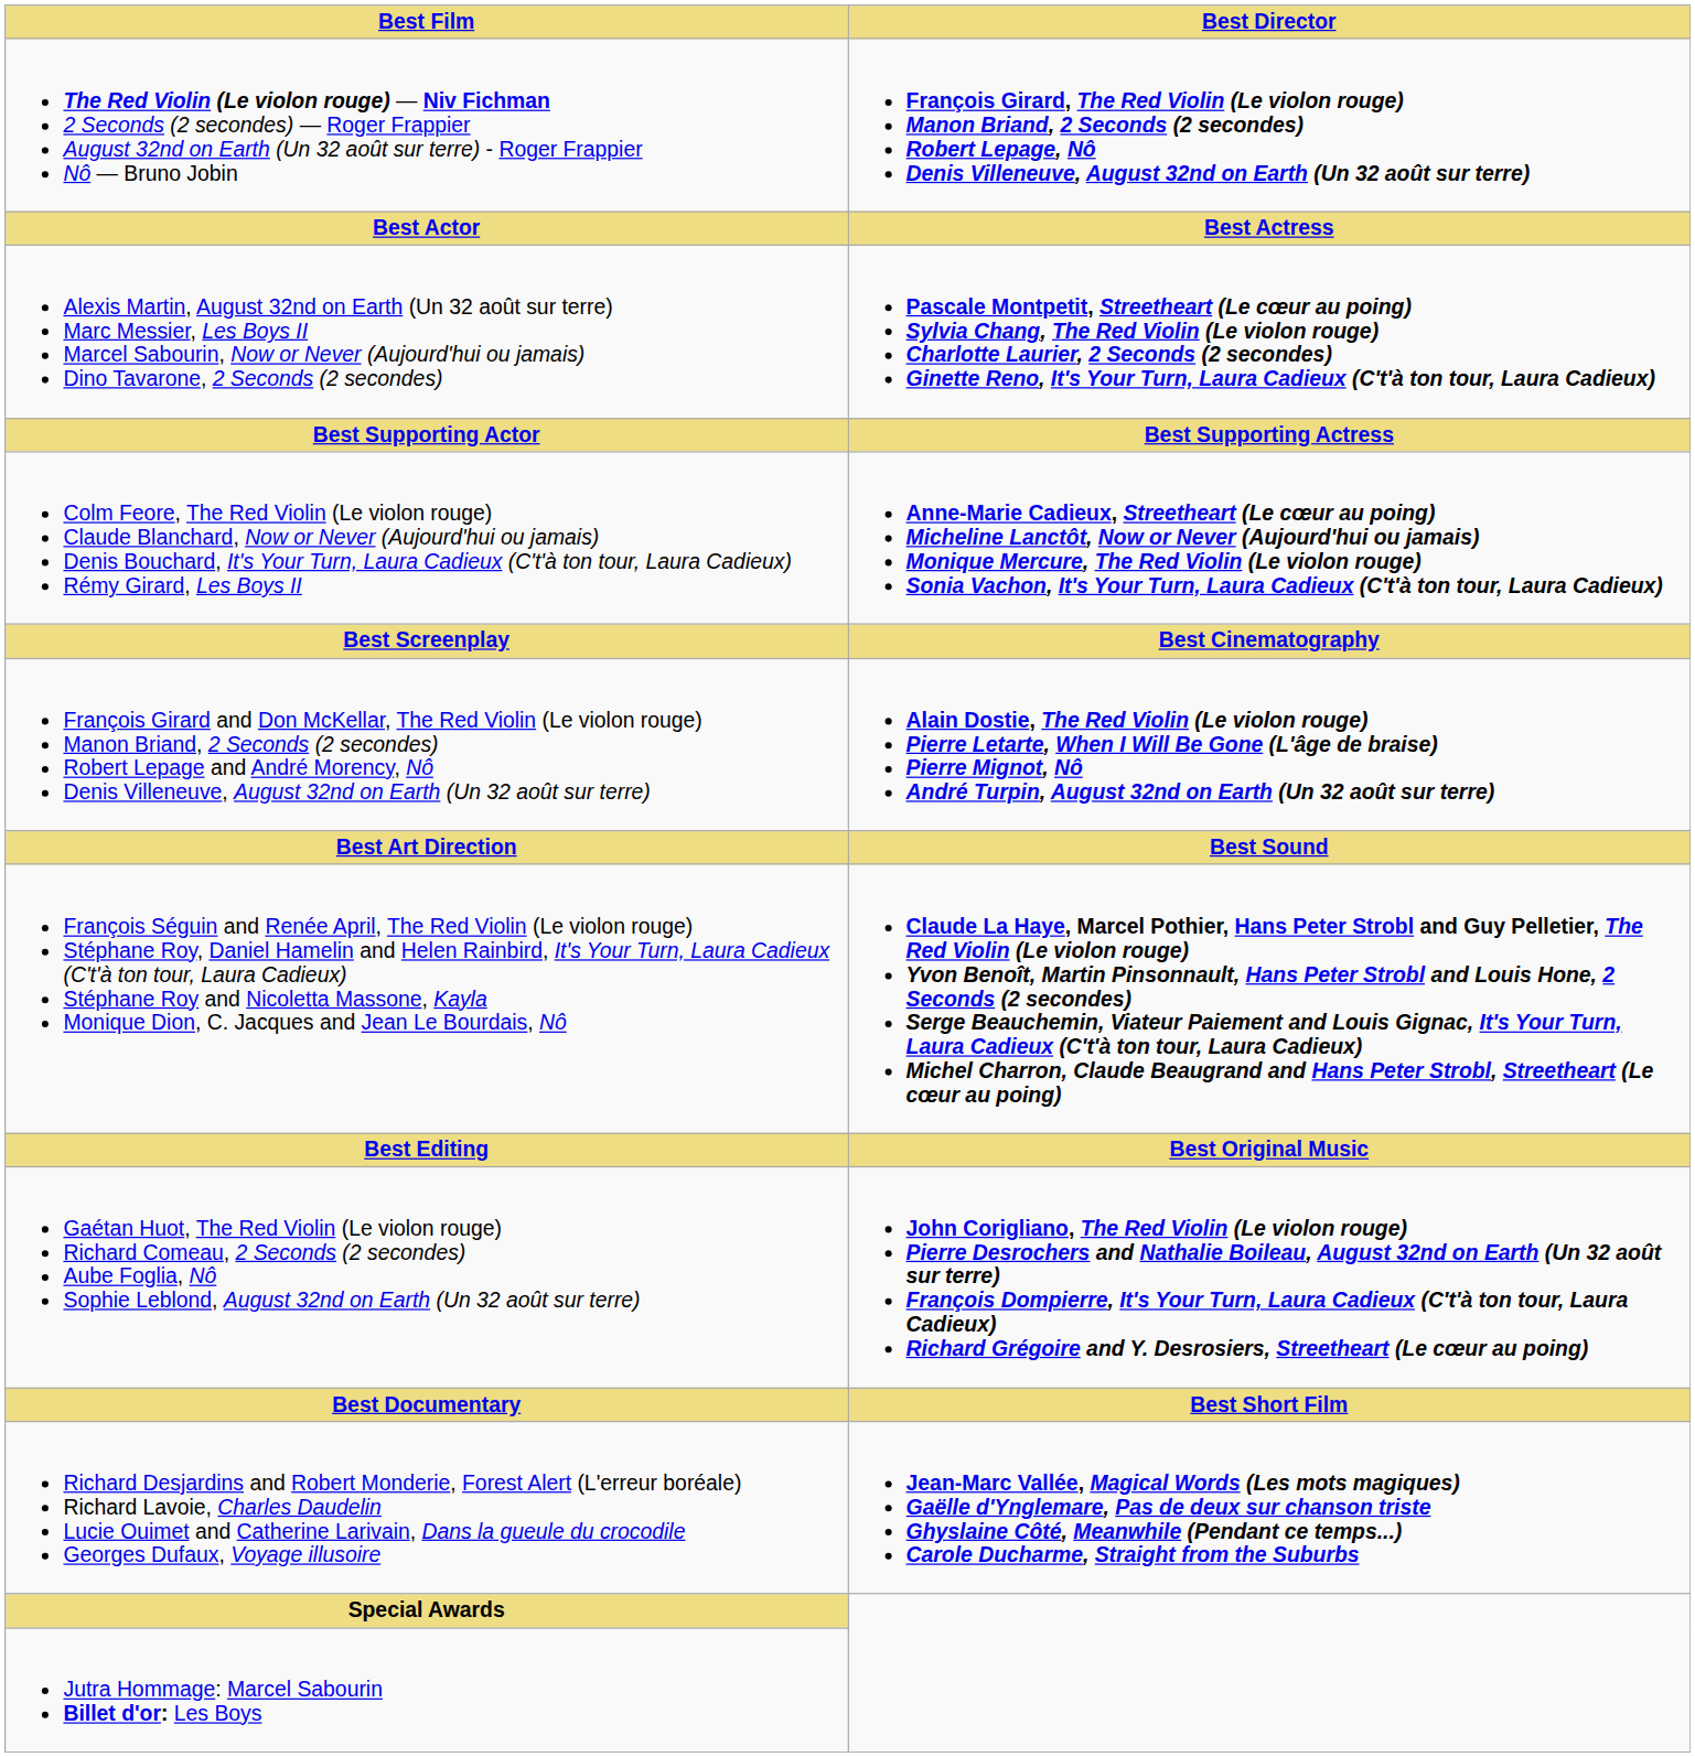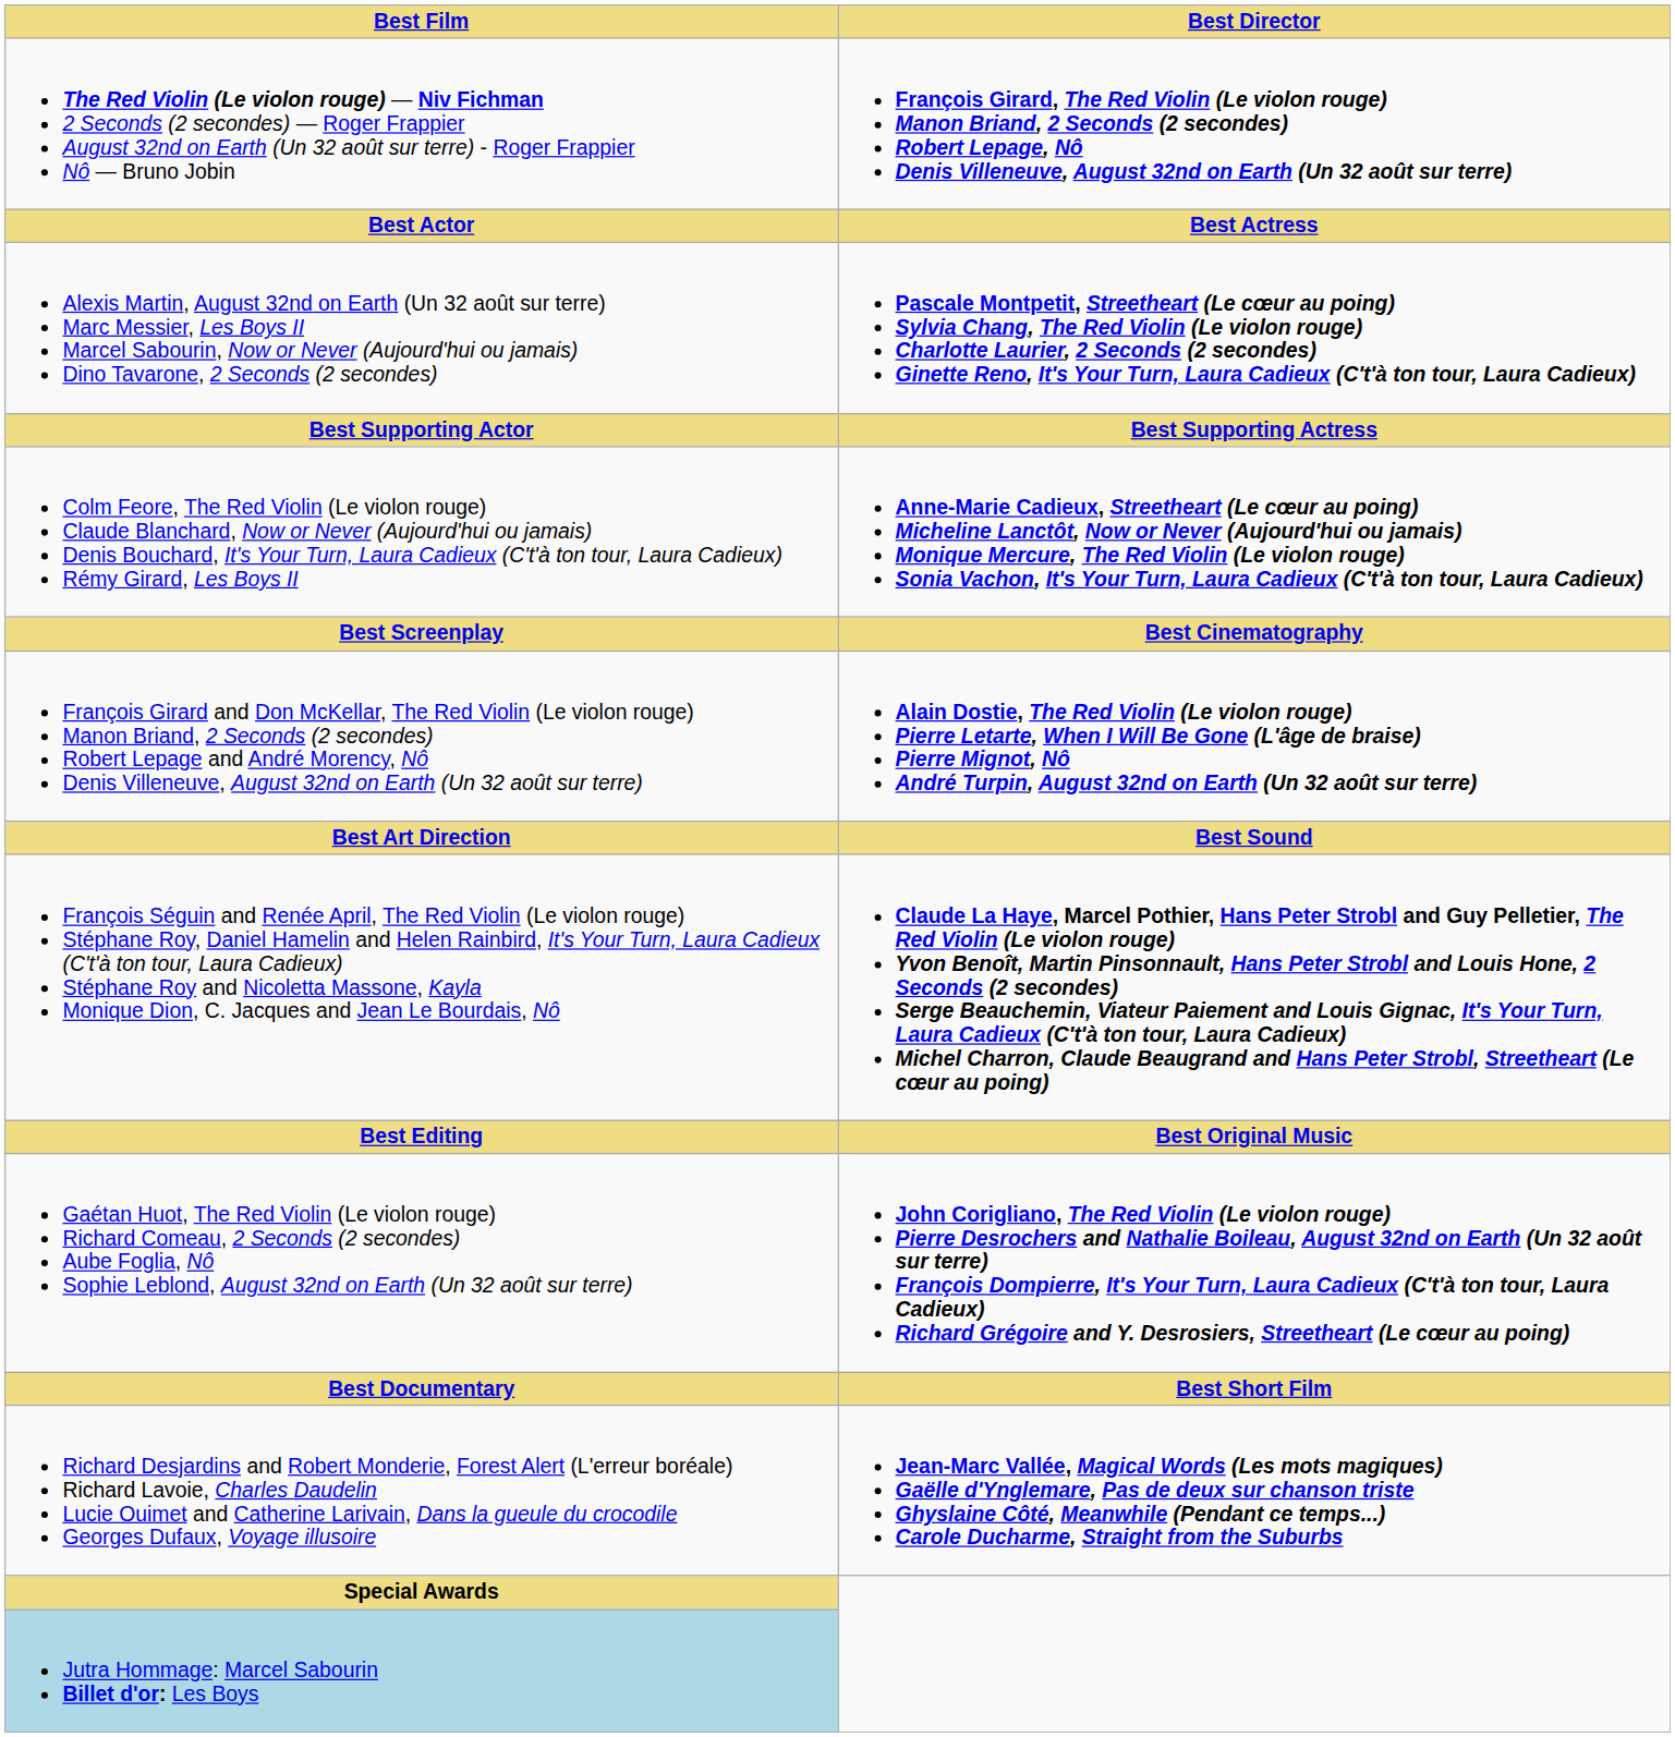 <table class=wikitable width="100%">
 <tr>
 <th style="background:#EEDD82; width:50%"><a href='#'>Best Film</a></th>
 <th style="background:#EEDD82; width:50%"><a href='#'>Best Director</a></th>
 </tr>
 <tr>
 <td valign="top"><br><ul><li> <strong><em><a href='#'>The Red Violin</a> (Le violon rouge)</em></strong> — <strong><a href='#'>Niv Fichman</a></strong></li><li><em><a href='#'>2 Seconds</a> (2 secondes)</em> — <a href='#'>Roger Frappier</a></li><li><em><a href='#'>August 32nd on Earth</a> (Un 32 août sur terre)</em> - <a href='#'>Roger Frappier</a></li><li><em><a href='#'>Nô</a></em> — Bruno Jobin</li></ul></td>
 <td valign="top"><br><ul><li> <strong><a href='#'>François Girard</a>, <em><a href='#'>The Red Violin</a> (Le violon rouge)<strong><em></li><li><a href='#'>Manon Briand</a>, </em><a href='#'>2 Seconds</a> (2 secondes)<em></li><li><a href='#'>Robert Lepage</a>, </em><a href='#'>Nô</a><em></li><li><a href='#'>Denis Villeneuve</a>, </em><a href='#'>August 32nd on Earth</a> (Un 32 août sur terre)<em></li></ul></td>
 </tr>
 <tr>
 <th style="background:#EEDD82; width:50%"><a href='#'>Best Actor</a></th>
 <th style="background:#EEDD82; width:50%"><a href='#'>Best Actress</a></th>
 </tr>
 <tr>
 <td valign="top"><br><ul><li> </strong><a href='#'>Alexis Martin</a>, </em><a href='#'>August 32nd on Earth</a> (Un 32 août sur terre)</em></strong></li><li><a href='#'>Marc Messier</a>, <em><a href='#'>Les Boys II</a></em></li><li><a href='#'>Marcel Sabourin</a>, <em><a href='#'>Now or Never</a> (Aujourd'hui ou jamais)</em></li><li><a href='#'>Dino Tavarone</a>, <em><a href='#'>2 Seconds</a> (2 secondes)</em></li></ul></td>
 <td valign="top"><br><ul><li> <strong><a href='#'>Pascale Montpetit</a>, <em><a href='#'>Streetheart</a> (Le cœur au poing)<strong><em></li><li><a href='#'>Sylvia Chang</a>, </em><a href='#'>The Red Violin</a> (Le violon rouge)<em></li><li><a href='#'>Charlotte Laurier</a>, </em><a href='#'>2 Seconds</a> (2 secondes)<em></li><li><a href='#'>Ginette Reno</a>, </em><a href='#'>It's Your Turn, Laura Cadieux</a> (C't'à ton tour, Laura Cadieux)<em></li></ul></td>
 </tr>
 <tr>
 <th style="background:#EEDD82; width:50%"><a href='#'>Best Supporting Actor</a></th>
 <th style="background:#EEDD82; width:50%"><a href='#'>Best Supporting Actress</a></th>
 </tr>
 <tr>
 <td valign="top"><br><ul><li> </strong><a href='#'>Colm Feore</a>, </em><a href='#'>The Red Violin</a> (Le violon rouge)</em></strong></li><li><a href='#'>Claude Blanchard</a>, <em><a href='#'>Now or Never</a> (Aujourd'hui ou jamais)</em></li><li><a href='#'>Denis Bouchard</a>, <em><a href='#'>It's Your Turn, Laura Cadieux</a> (C't'à ton tour, Laura Cadieux)</em></li><li><a href='#'>Rémy Girard</a>, <em><a href='#'>Les Boys II</a></em></li></ul></td>
 <td valign="top"><br><ul><li> <strong><a href='#'>Anne-Marie Cadieux</a>, <em><a href='#'>Streetheart</a> (Le cœur au poing)<strong><em></li><li><a href='#'>Micheline Lanctôt</a>, </em><a href='#'>Now or Never</a> (Aujourd'hui ou jamais)<em></li><li><a href='#'>Monique Mercure</a>, </em><a href='#'>The Red Violin</a> (Le violon rouge)<em></li><li><a href='#'>Sonia Vachon</a>, </em><a href='#'>It's Your Turn, Laura Cadieux</a> (C't'à ton tour, Laura Cadieux)<em></li></ul></td>
 </tr>
 <tr>
 <th style="background:#EEDD82; width:50%"><a href='#'>Best Screenplay</a></th>
 <th style="background:#EEDD82; width:50%"><a href='#'>Best Cinematography</a></th>
 </tr>
 <tr>
 <td valign="top"><br><ul><li> </strong><a href='#'>François Girard</a> and <a href='#'>Don McKellar</a>, </em><a href='#'>The Red Violin</a> (Le violon rouge)</em></strong></li><li><a href='#'>Manon Briand</a>, <em><a href='#'>2 Seconds</a> (2 secondes)</em></li><li><a href='#'>Robert Lepage</a> and <a href='#'>André Morency</a>, <em><a href='#'>Nô</a></em></li><li><a href='#'>Denis Villeneuve</a>, <em><a href='#'>August 32nd on Earth</a> (Un 32 août sur terre)</em></li></ul></td>
 <td valign="top"><br><ul><li> <strong><a href='#'>Alain Dostie</a>, <em><a href='#'>The Red Violin</a> (Le violon rouge)<strong><em></li><li><a href='#'>Pierre Letarte</a>, </em><a href='#'>When I Will Be Gone</a> (L'âge de braise)<em></li><li><a href='#'>Pierre Mignot</a>, </em><a href='#'>Nô</a><em></li><li><a href='#'>André Turpin</a>, </em><a href='#'>August 32nd on Earth</a> (Un 32 août sur terre)<em></li></ul></td>
 </tr>
 <tr>
 <th style="background:#EEDD82; width:50%"><a href='#'>Best Art Direction</a></th>
 <th style="background:#EEDD82; width:50%"><a href='#'>Best Sound</a></th>
 </tr>
 <tr>
 <td valign="top"><br><ul><li> </strong><a href='#'>François Séguin</a> and <a href='#'>Renée April</a>, </em><a href='#'>The Red Violin</a> (Le violon rouge)</em></strong></li><li><a href='#'>Stéphane Roy</a>, <a href='#'>Daniel Hamelin</a> and <a href='#'>Helen Rainbird</a>, <em><a href='#'>It's Your Turn, Laura Cadieux</a> (C't'à ton tour, Laura Cadieux)</em></li><li><a href='#'>Stéphane Roy</a> and <a href='#'>Nicoletta Massone</a>, <em><a href='#'>Kayla</a></em></li><li><a href='#'>Monique Dion</a>, C. Jacques and <a href='#'>Jean Le Bourdais</a>, <em><a href='#'>Nô</a></em></li></ul></td>
 <td valign="top"><br><ul><li> <strong><a href='#'>Claude La Haye</a>, Marcel Pothier, <a href='#'>Hans Peter Strobl</a> and Guy Pelletier, <em><a href='#'>The Red Violin</a> (Le violon rouge)<strong><em></li><li>Yvon Benoît, Martin Pinsonnault, <a href='#'>Hans Peter Strobl</a> and Louis Hone, </em><a href='#'>2 Seconds</a> (2 secondes)<em></li><li>Serge Beauchemin, Viateur Paiement and Louis Gignac, </em><a href='#'>It's Your Turn, Laura Cadieux</a> (C't'à ton tour, Laura Cadieux)<em></li><li>Michel Charron, Claude Beaugrand and <a href='#'>Hans Peter Strobl</a>, </em><a href='#'>Streetheart</a> (Le cœur au poing)<em></li></ul></td>
 </tr>
 <tr>
 <th style="background:#EEDD82; width:50%"><a href='#'>Best Editing</a></th>
 <th style="background:#EEDD82; width:50%"><a href='#'>Best Original Music</a></th>
 </tr>
 <tr>
 <td valign="top"><br><ul><li> </strong><a href='#'>Gaétan Huot</a>, </em><a href='#'>The Red Violin</a> (Le violon rouge)</em></strong></li><li><a href='#'>Richard Comeau</a>, <em><a href='#'>2 Seconds</a> (2 secondes)</em></li><li><a href='#'>Aube Foglia</a>, <em><a href='#'>Nô</a></em></li><li><a href='#'>Sophie Leblond</a>, <em><a href='#'>August 32nd on Earth</a> (Un 32 août sur terre)</em></li></ul></td>
 <td valign="top"><br><ul><li> <strong><a href='#'>John Corigliano</a>, <em><a href='#'>The Red Violin</a> (Le violon rouge)<strong><em></li><li><a href='#'>Pierre Desrochers</a> and <a href='#'>Nathalie Boileau</a>, </em><a href='#'>August 32nd on Earth</a> (Un 32 août sur terre)<em></li><li><a href='#'>François Dompierre</a>, </em><a href='#'>It's Your Turn, Laura Cadieux</a> (C't'à ton tour, Laura Cadieux)<em></li><li><a href='#'>Richard Grégoire</a> and Y. Desrosiers, </em><a href='#'>Streetheart</a> (Le cœur au poing)<em></li></ul></td>
 </tr>
 <tr>
 <th style="background:#EEDD82; width:50%"><a href='#'>Best Documentary</a></th>
 <th style="background:#EEDD82; width:50%"><a href='#'>Best Short Film</a></th>
 </tr>
 <tr>
 <td valign="top"><br><ul><li> </strong><a href='#'>Richard Desjardins</a> and <a href='#'>Robert Monderie</a>, </em><a href='#'>Forest Alert</a> (L'erreur boréale)</em></strong></li><li>Richard Lavoie, <em><a href='#'>Charles Daudelin</a></em></li><li><a href='#'>Lucie Ouimet</a> and <a href='#'>Catherine Larivain</a>, <em><a href='#'>Dans la gueule du crocodile</a></em></li><li><a href='#'>Georges Dufaux</a>, <em><a href='#'>Voyage illusoire</a></em></li></ul></td>
 <td valign="top"><br><ul><li> <strong><a href='#'>Jean-Marc Vallée</a>, <em><a href='#'>Magical Words</a> (Les mots magiques)<strong><em></li><li><a href='#'>Gaëlle d'Ynglemare</a>, </em><a href='#'>Pas de deux sur chanson triste</a><em></li><li><a href='#'>Ghyslaine Côté</a>, </em><a href='#'>Meanwhile</a> (Pendant ce temps...)<em></li><li><a href='#'>Carole Ducharme</a>, </em><a href='#'>Straight from the Suburbs</a><em></li></ul></td>
 </tr>
 <tr>
 <th style="background:#EEDD82; width:50%">Special Awards</th>
 </tr>
 <tr>
-<td valign="top"><br><ul><li><a href='#'>Jutra Hommage</a>: </strong><a href='#'>Marcel Sabourin</a><strong></li><li><a href='#'>Billet d'or</a>: </em></strong><a href='#'>Les Boys</a><strong><em></li></ul></td>
+<td valign="top" style="background: lightblue;"><br><ul><li><a href='#'>Jutra Hommage</a>: </strong><a href='#'>Marcel Sabourin</a><strong></li><li><a href='#'>Billet d'or</a>: </em></strong><a href='#'>Les Boys</a><strong><em></li></ul></td>
 </tr>
 </table>
